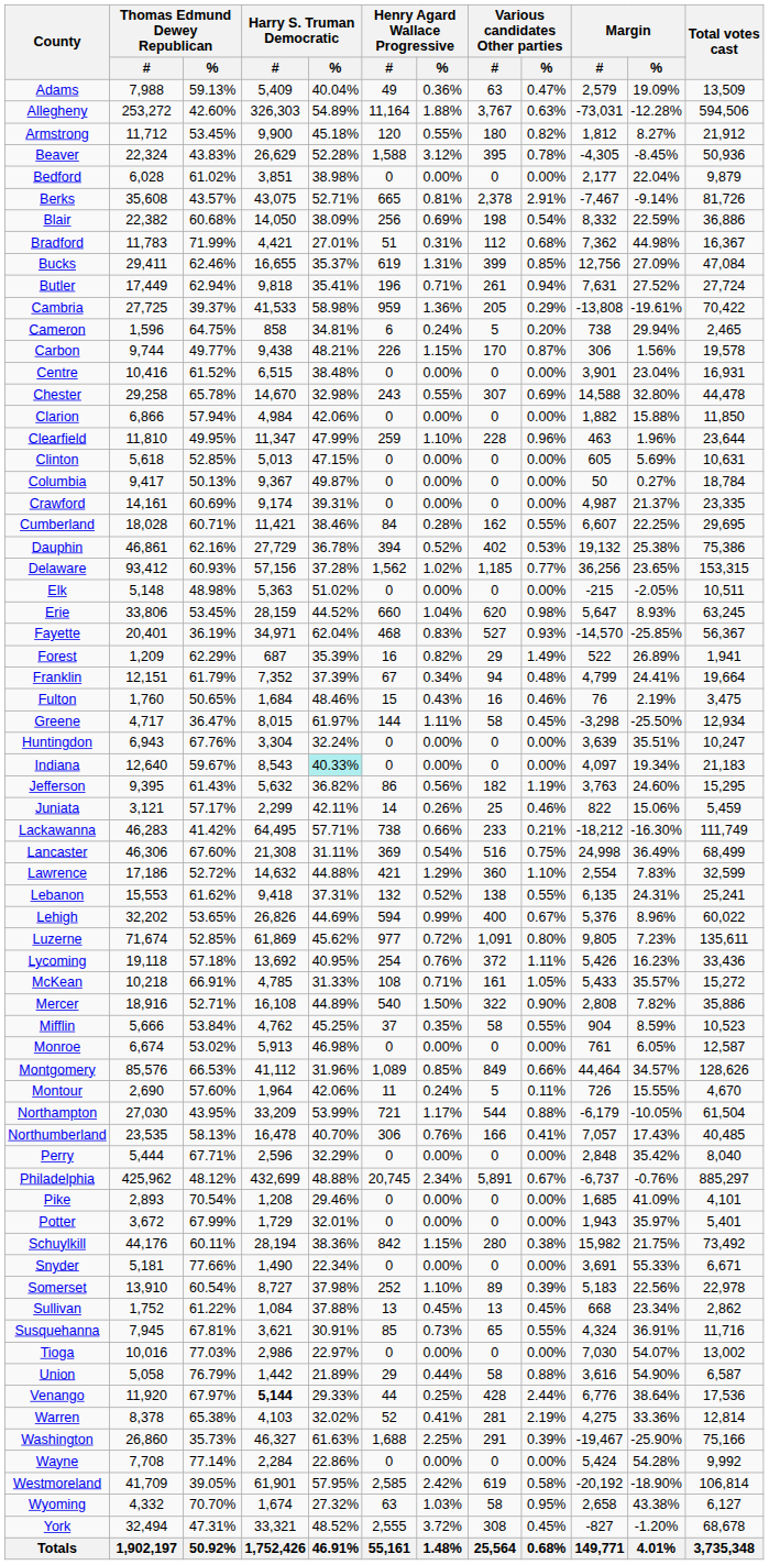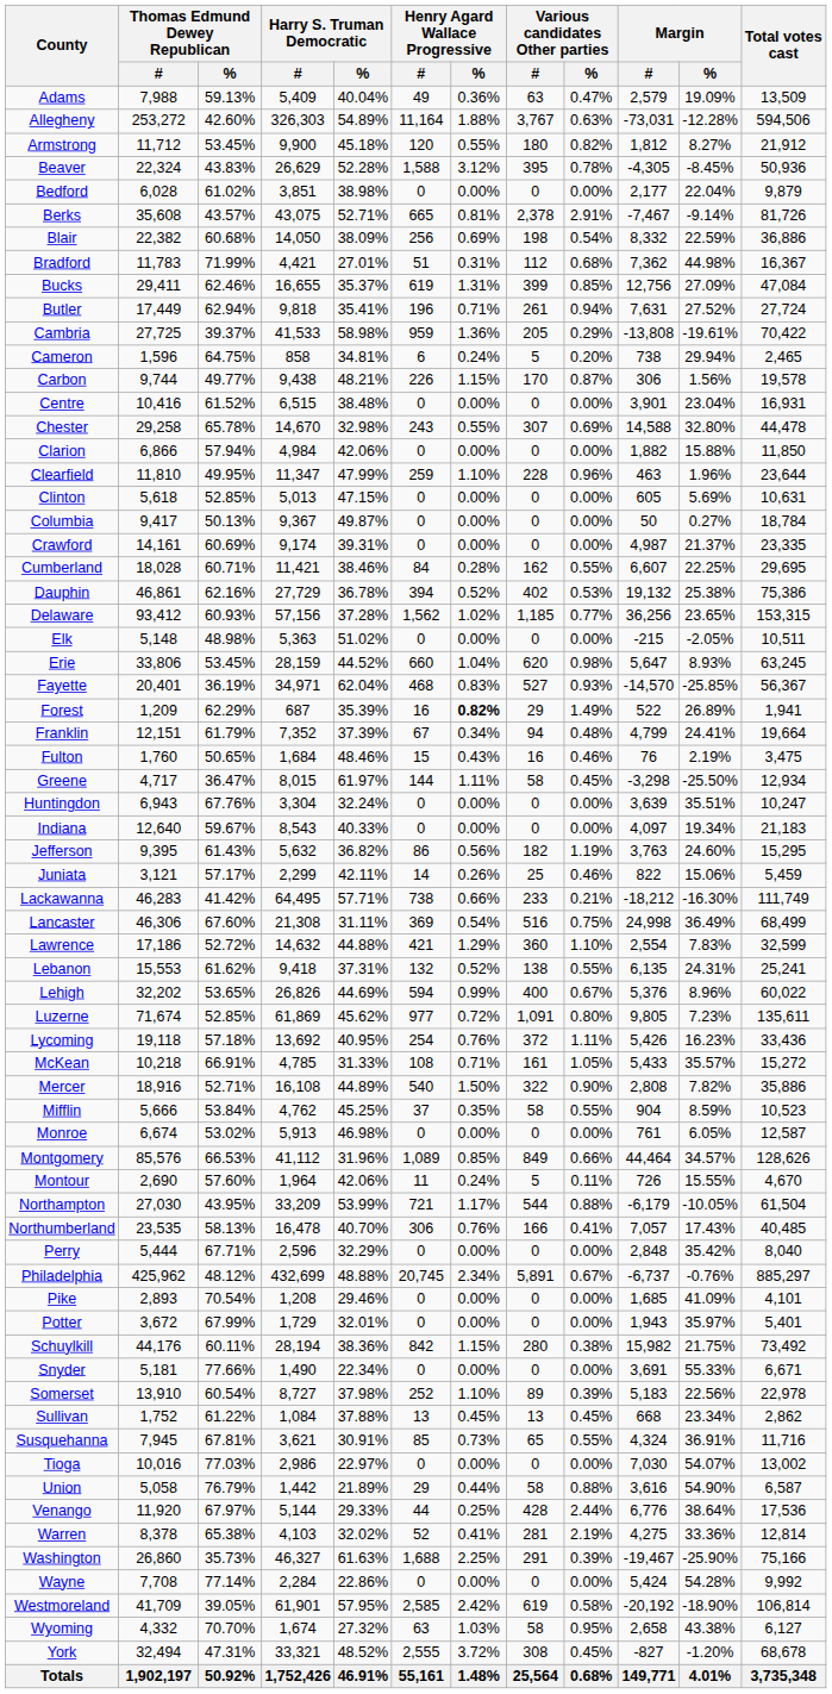 <table width="70%"  class="wikitable sortable" style="text-align:center">
 <tr>
 <th colspan="1" rowspan="2">County</th>
 <th style="text-align:center;" colspan="2">Thomas Edmund Dewey<br>Republican</th>
 <th style="text-align:center;" colspan="2">Harry S. Truman<br>Democratic</th>
 <th style="text-align:center;" colspan="2">Henry Agard Wallace<br>Progressive</th>
 <th style="text-align:center;" colspan="2">Various candidates<br>Other parties</th>
 <th style="text-align:center;" colspan="2">Margin</th>
 <th colspan="1" rowspan="2" style="text-align:center;">Total votes cast</th>
 </tr>
 <tr>
 <th style="text-align:center;" data-sort-type="number">#</th>
 <th style="text-align:center;" data-sort-type="number">%</th>
 <th style="text-align:center;" data-sort-type="number">#</th>
 <th style="text-align:center;" data-sort-type="number">%</th>
 <th style="text-align:center;" data-sort-type="number">#</th>
 <th style="text-align:center;" data-sort-type="number">%</th>
 <th style="text-align:center;" data-sort-type="number">#</th>
 <th style="text-align:center;" data-sort-type="number">%</th>
 <th style="text-align:center;" data-sort-type="number">#</th>
 <th style="text-align:center;" data-sort-type="number">%</th>
 </tr>
 <tr style="text-align:center;">
 <td><a href='#'>Adams</a></td>
 <td>7,988</td>
 <td>59.13%</td>
 <td>5,409</td>
 <td>40.04%</td>
 <td>49</td>
 <td>0.36%</td>
 <td>63</td>
 <td>0.47%</td>
 <td>2,579</td>
 <td>19.09%</td>
 <td>13,509</td>
 </tr>
 <tr style="text-align:center;">
 <td><a href='#'>Allegheny</a></td>
 <td>253,272</td>
 <td>42.60%</td>
 <td>326,303</td>
 <td>54.89%</td>
 <td>11,164</td>
 <td>1.88%</td>
 <td>3,767</td>
 <td>0.63%</td>
 <td>-73,031</td>
 <td>-12.28%</td>
 <td>594,506</td>
 </tr>
 <tr style="text-align:center;">
 <td><a href='#'>Armstrong</a></td>
 <td>11,712</td>
 <td>53.45%</td>
 <td>9,900</td>
 <td>45.18%</td>
 <td>120</td>
 <td>0.55%</td>
 <td>180</td>
 <td>0.82%</td>
 <td>1,812</td>
 <td>8.27%</td>
 <td>21,912</td>
 </tr>
 <tr style="text-align:center;">
 <td><a href='#'>Beaver</a></td>
 <td>22,324</td>
 <td>43.83%</td>
 <td>26,629</td>
 <td>52.28%</td>
 <td>1,588</td>
 <td>3.12%</td>
 <td>395</td>
 <td>0.78%</td>
 <td>-4,305</td>
 <td>-8.45%</td>
 <td>50,936</td>
 </tr>
 <tr style="text-align:center;">
 <td><a href='#'>Bedford</a></td>
 <td>6,028</td>
 <td>61.02%</td>
 <td>3,851</td>
 <td>38.98%</td>
 <td>0</td>
 <td>0.00%</td>
 <td>0</td>
 <td>0.00%</td>
 <td>2,177</td>
 <td>22.04%</td>
 <td>9,879</td>
 </tr>
 <tr style="text-align:center;">
 <td><a href='#'>Berks</a></td>
 <td>35,608</td>
 <td>43.57%</td>
 <td>43,075</td>
 <td>52.71%</td>
 <td>665</td>
 <td>0.81%</td>
 <td>2,378</td>
 <td>2.91%</td>
 <td>-7,467</td>
 <td>-9.14%</td>
 <td>81,726</td>
 </tr>
 <tr style="text-align:center;">
 <td><a href='#'>Blair</a></td>
 <td>22,382</td>
 <td>60.68%</td>
 <td>14,050</td>
 <td>38.09%</td>
 <td>256</td>
 <td>0.69%</td>
 <td>198</td>
 <td>0.54%</td>
 <td>8,332</td>
 <td>22.59%</td>
 <td>36,886</td>
 </tr>
 <tr style="text-align:center;">
 <td><a href='#'>Bradford</a></td>
 <td>11,783</td>
 <td>71.99%</td>
 <td>4,421</td>
 <td>27.01%</td>
 <td>51</td>
 <td>0.31%</td>
 <td>112</td>
 <td>0.68%</td>
 <td>7,362</td>
 <td>44.98%</td>
 <td>16,367</td>
 </tr>
 <tr style="text-align:center;">
 <td><a href='#'>Bucks</a></td>
 <td>29,411</td>
 <td>62.46%</td>
 <td>16,655</td>
 <td>35.37%</td>
 <td>619</td>
 <td>1.31%</td>
 <td>399</td>
 <td>0.85%</td>
 <td>12,756</td>
 <td>27.09%</td>
 <td>47,084</td>
 </tr>
 <tr style="text-align:center;">
 <td><a href='#'>Butler</a></td>
 <td>17,449</td>
 <td>62.94%</td>
 <td>9,818</td>
 <td>35.41%</td>
 <td>196</td>
 <td>0.71%</td>
 <td>261</td>
 <td>0.94%</td>
 <td>7,631</td>
 <td>27.52%</td>
 <td>27,724</td>
 </tr>
 <tr style="text-align:center;">
 <td><a href='#'>Cambria</a></td>
 <td>27,725</td>
 <td>39.37%</td>
 <td>41,533</td>
 <td>58.98%</td>
 <td>959</td>
 <td>1.36%</td>
 <td>205</td>
 <td>0.29%</td>
 <td>-13,808</td>
 <td>-19.61%</td>
 <td>70,422</td>
 </tr>
 <tr style="text-align:center;">
 <td><a href='#'>Cameron</a></td>
 <td>1,596</td>
 <td>64.75%</td>
 <td>858</td>
 <td>34.81%</td>
 <td>6</td>
 <td>0.24%</td>
 <td>5</td>
 <td>0.20%</td>
 <td>738</td>
 <td>29.94%</td>
 <td>2,465</td>
 </tr>
 <tr style="text-align:center;">
 <td><a href='#'>Carbon</a></td>
 <td>9,744</td>
 <td>49.77%</td>
 <td>9,438</td>
 <td>48.21%</td>
 <td>226</td>
 <td>1.15%</td>
 <td>170</td>
 <td>0.87%</td>
 <td>306</td>
 <td>1.56%</td>
 <td>19,578</td>
 </tr>
 <tr style="text-align:center;">
 <td><a href='#'>Centre</a></td>
 <td>10,416</td>
 <td>61.52%</td>
 <td>6,515</td>
 <td>38.48%</td>
 <td>0</td>
 <td>0.00%</td>
 <td>0</td>
 <td>0.00%</td>
 <td>3,901</td>
 <td>23.04%</td>
 <td>16,931</td>
 </tr>
 <tr style="text-align:center;">
 <td><a href='#'>Chester</a></td>
 <td>29,258</td>
 <td>65.78%</td>
 <td>14,670</td>
 <td>32.98%</td>
 <td>243</td>
 <td>0.55%</td>
 <td>307</td>
 <td>0.69%</td>
 <td>14,588</td>
 <td>32.80%</td>
 <td>44,478</td>
 </tr>
 <tr style="text-align:center;">
 <td><a href='#'>Clarion</a></td>
 <td>6,866</td>
 <td>57.94%</td>
 <td>4,984</td>
 <td>42.06%</td>
 <td>0</td>
 <td>0.00%</td>
 <td>0</td>
 <td>0.00%</td>
 <td>1,882</td>
 <td>15.88%</td>
 <td>11,850</td>
 </tr>
 <tr style="text-align:center;">
 <td><a href='#'>Clearfield</a></td>
 <td>11,810</td>
 <td>49.95%</td>
 <td>11,347</td>
 <td>47.99%</td>
 <td>259</td>
 <td>1.10%</td>
 <td>228</td>
 <td>0.96%</td>
 <td>463</td>
 <td>1.96%</td>
 <td>23,644</td>
 </tr>
 <tr style="text-align:center;">
 <td><a href='#'>Clinton</a></td>
 <td>5,618</td>
 <td>52.85%</td>
 <td>5,013</td>
 <td>47.15%</td>
 <td>0</td>
 <td>0.00%</td>
 <td>0</td>
 <td>0.00%</td>
 <td>605</td>
 <td>5.69%</td>
 <td>10,631</td>
 </tr>
 <tr style="text-align:center;">
 <td><a href='#'>Columbia</a></td>
 <td>9,417</td>
 <td>50.13%</td>
 <td>9,367</td>
 <td>49.87%</td>
 <td>0</td>
 <td>0.00%</td>
 <td>0</td>
 <td>0.00%</td>
 <td>50</td>
 <td>0.27%</td>
 <td>18,784</td>
 </tr>
 <tr style="text-align:center;">
 <td><a href='#'>Crawford</a></td>
 <td>14,161</td>
 <td>60.69%</td>
 <td>9,174</td>
 <td>39.31%</td>
 <td>0</td>
 <td>0.00%</td>
 <td>0</td>
 <td>0.00%</td>
 <td>4,987</td>
 <td>21.37%</td>
 <td>23,335</td>
 </tr>
 <tr style="text-align:center;">
 <td><a href='#'>Cumberland</a></td>
 <td>18,028</td>
 <td>60.71%</td>
 <td>11,421</td>
 <td>38.46%</td>
 <td>84</td>
 <td>0.28%</td>
 <td>162</td>
 <td>0.55%</td>
 <td>6,607</td>
 <td>22.25%</td>
 <td>29,695</td>
 </tr>
 <tr style="text-align:center;">
 <td><a href='#'>Dauphin</a></td>
 <td>46,861</td>
 <td>62.16%</td>
 <td>27,729</td>
 <td>36.78%</td>
 <td>394</td>
 <td>0.52%</td>
 <td>402</td>
 <td>0.53%</td>
 <td>19,132</td>
 <td>25.38%</td>
 <td>75,386</td>
 </tr>
 <tr style="text-align:center;">
 <td><a href='#'>Delaware</a></td>
 <td>93,412</td>
 <td>60.93%</td>
 <td>57,156</td>
 <td>37.28%</td>
 <td>1,562</td>
 <td>1.02%</td>
 <td>1,185</td>
 <td>0.77%</td>
 <td>36,256</td>
 <td>23.65%</td>
 <td>153,315</td>
 </tr>
 <tr style="text-align:center;">
 <td><a href='#'>Elk</a></td>
 <td>5,148</td>
 <td>48.98%</td>
 <td>5,363</td>
 <td>51.02%</td>
 <td>0</td>
 <td>0.00%</td>
 <td>0</td>
 <td>0.00%</td>
 <td>-215</td>
 <td>-2.05%</td>
 <td>10,511</td>
 </tr>
 <tr style="text-align:center;">
 <td><a href='#'>Erie</a></td>
 <td>33,806</td>
 <td>53.45%</td>
 <td>28,159</td>
 <td>44.52%</td>
 <td>660</td>
 <td>1.04%</td>
 <td>620</td>
 <td>0.98%</td>
 <td>5,647</td>
 <td>8.93%</td>
 <td>63,245</td>
 </tr>
 <tr style="text-align:center;">
 <td><a href='#'>Fayette</a></td>
 <td>20,401</td>
 <td>36.19%</td>
 <td>34,971</td>
 <td>62.04%</td>
 <td>468</td>
 <td>0.83%</td>
 <td>527</td>
 <td>0.93%</td>
 <td>-14,570</td>
 <td>-25.85%</td>
 <td>56,367</td>
 </tr>
 <tr style="text-align:center;">
 <td><a href='#'>Forest</a></td>
 <td>1,209</td>
 <td>62.29%</td>
 <td>687</td>
 <td>35.39%</td>
 <td>16</td>
-<td>0.82%</td>
+<td><strong>0.82%</strong></td>
 <td>29</td>
 <td>1.49%</td>
 <td>522</td>
 <td>26.89%</td>
 <td>1,941</td>
 </tr>
 <tr style="text-align:center;">
 <td><a href='#'>Franklin</a></td>
 <td>12,151</td>
 <td>61.79%</td>
 <td>7,352</td>
 <td>37.39%</td>
 <td>67</td>
 <td>0.34%</td>
 <td>94</td>
 <td>0.48%</td>
 <td>4,799</td>
 <td>24.41%</td>
 <td>19,664</td>
 </tr>
 <tr style="text-align:center;">
 <td><a href='#'>Fulton</a></td>
 <td>1,760</td>
 <td>50.65%</td>
 <td>1,684</td>
 <td>48.46%</td>
 <td>15</td>
 <td>0.43%</td>
 <td>16</td>
 <td>0.46%</td>
 <td>76</td>
 <td>2.19%</td>
 <td>3,475</td>
 </tr>
 <tr style="text-align:center;">
 <td><a href='#'>Greene</a></td>
 <td>4,717</td>
 <td>36.47%</td>
 <td>8,015</td>
 <td>61.97%</td>
 <td>144</td>
 <td>1.11%</td>
 <td>58</td>
 <td>0.45%</td>
 <td>-3,298</td>
 <td>-25.50%</td>
 <td>12,934</td>
 </tr>
 <tr style="text-align:center;">
 <td><a href='#'>Huntingdon</a></td>
 <td>6,943</td>
 <td>67.76%</td>
 <td>3,304</td>
 <td>32.24%</td>
 <td>0</td>
 <td>0.00%</td>
 <td>0</td>
 <td>0.00%</td>
 <td>3,639</td>
 <td>35.51%</td>
 <td>10,247</td>
 </tr>
 <tr style="text-align:center;">
 <td><a href='#'>Indiana</a></td>
 <td>12,640</td>
 <td>59.67%</td>
 <td>8,543</td>
-<td style="background: paleturquoise;">40.33%</td>
+<td>40.33%</td>
 <td>0</td>
 <td>0.00%</td>
 <td>0</td>
 <td>0.00%</td>
 <td>4,097</td>
 <td>19.34%</td>
 <td>21,183</td>
 </tr>
 <tr style="text-align:center;">
 <td><a href='#'>Jefferson</a></td>
 <td>9,395</td>
 <td>61.43%</td>
 <td>5,632</td>
 <td>36.82%</td>
 <td>86</td>
 <td>0.56%</td>
 <td>182</td>
 <td>1.19%</td>
 <td>3,763</td>
 <td>24.60%</td>
 <td>15,295</td>
 </tr>
 <tr style="text-align:center;">
 <td><a href='#'>Juniata</a></td>
 <td>3,121</td>
 <td>57.17%</td>
 <td>2,299</td>
 <td>42.11%</td>
 <td>14</td>
 <td>0.26%</td>
 <td>25</td>
 <td>0.46%</td>
 <td>822</td>
 <td>15.06%</td>
 <td>5,459</td>
 </tr>
 <tr style="text-align:center;">
 <td><a href='#'>Lackawanna</a></td>
 <td>46,283</td>
 <td>41.42%</td>
 <td>64,495</td>
 <td>57.71%</td>
 <td>738</td>
 <td>0.66%</td>
 <td>233</td>
 <td>0.21%</td>
 <td>-18,212</td>
 <td>-16.30%</td>
 <td>111,749</td>
 </tr>
 <tr style="text-align:center;">
 <td><a href='#'>Lancaster</a></td>
 <td>46,306</td>
 <td>67.60%</td>
 <td>21,308</td>
 <td>31.11%</td>
 <td>369</td>
 <td>0.54%</td>
 <td>516</td>
 <td>0.75%</td>
 <td>24,998</td>
 <td>36.49%</td>
 <td>68,499</td>
 </tr>
 <tr style="text-align:center;">
 <td><a href='#'>Lawrence</a></td>
 <td>17,186</td>
 <td>52.72%</td>
 <td>14,632</td>
 <td>44.88%</td>
 <td>421</td>
 <td>1.29%</td>
 <td>360</td>
 <td>1.10%</td>
 <td>2,554</td>
 <td>7.83%</td>
 <td>32,599</td>
 </tr>
 <tr style="text-align:center;">
 <td><a href='#'>Lebanon</a></td>
 <td>15,553</td>
 <td>61.62%</td>
 <td>9,418</td>
 <td>37.31%</td>
 <td>132</td>
 <td>0.52%</td>
 <td>138</td>
 <td>0.55%</td>
 <td>6,135</td>
 <td>24.31%</td>
 <td>25,241</td>
 </tr>
 <tr style="text-align:center;">
 <td><a href='#'>Lehigh</a></td>
 <td>32,202</td>
 <td>53.65%</td>
 <td>26,826</td>
 <td>44.69%</td>
 <td>594</td>
 <td>0.99%</td>
 <td>400</td>
 <td>0.67%</td>
 <td>5,376</td>
 <td>8.96%</td>
 <td>60,022</td>
 </tr>
 <tr style="text-align:center;">
 <td><a href='#'>Luzerne</a></td>
 <td>71,674</td>
 <td>52.85%</td>
 <td>61,869</td>
 <td>45.62%</td>
 <td>977</td>
 <td>0.72%</td>
 <td>1,091</td>
 <td>0.80%</td>
 <td>9,805</td>
 <td>7.23%</td>
 <td>135,611</td>
 </tr>
 <tr style="text-align:center;">
 <td><a href='#'>Lycoming</a></td>
 <td>19,118</td>
 <td>57.18%</td>
 <td>13,692</td>
 <td>40.95%</td>
 <td>254</td>
 <td>0.76%</td>
 <td>372</td>
 <td>1.11%</td>
 <td>5,426</td>
 <td>16.23%</td>
 <td>33,436</td>
 </tr>
 <tr style="text-align:center;">
 <td><a href='#'>McKean</a></td>
 <td>10,218</td>
 <td>66.91%</td>
 <td>4,785</td>
 <td>31.33%</td>
 <td>108</td>
 <td>0.71%</td>
 <td>161</td>
 <td>1.05%</td>
 <td>5,433</td>
 <td>35.57%</td>
 <td>15,272</td>
 </tr>
 <tr style="text-align:center;">
 <td><a href='#'>Mercer</a></td>
 <td>18,916</td>
 <td>52.71%</td>
 <td>16,108</td>
 <td>44.89%</td>
 <td>540</td>
 <td>1.50%</td>
 <td>322</td>
 <td>0.90%</td>
 <td>2,808</td>
 <td>7.82%</td>
 <td>35,886</td>
 </tr>
 <tr style="text-align:center;">
 <td><a href='#'>Mifflin</a></td>
 <td>5,666</td>
 <td>53.84%</td>
 <td>4,762</td>
 <td>45.25%</td>
 <td>37</td>
 <td>0.35%</td>
 <td>58</td>
 <td>0.55%</td>
 <td>904</td>
 <td>8.59%</td>
 <td>10,523</td>
 </tr>
 <tr style="text-align:center;">
 <td><a href='#'>Monroe</a></td>
 <td>6,674</td>
 <td>53.02%</td>
 <td>5,913</td>
 <td>46.98%</td>
 <td>0</td>
 <td>0.00%</td>
 <td>0</td>
 <td>0.00%</td>
 <td>761</td>
 <td>6.05%</td>
 <td>12,587</td>
 </tr>
 <tr style="text-align:center;">
 <td><a href='#'>Montgomery</a></td>
 <td>85,576</td>
 <td>66.53%</td>
 <td>41,112</td>
 <td>31.96%</td>
 <td>1,089</td>
 <td>0.85%</td>
 <td>849</td>
 <td>0.66%</td>
 <td>44,464</td>
 <td>34.57%</td>
 <td>128,626</td>
 </tr>
 <tr style="text-align:center;">
 <td><a href='#'>Montour</a></td>
 <td>2,690</td>
 <td>57.60%</td>
 <td>1,964</td>
 <td>42.06%</td>
 <td>11</td>
 <td>0.24%</td>
 <td>5</td>
 <td>0.11%</td>
 <td>726</td>
 <td>15.55%</td>
 <td>4,670</td>
 </tr>
 <tr style="text-align:center;">
 <td><a href='#'>Northampton</a></td>
 <td>27,030</td>
 <td>43.95%</td>
 <td>33,209</td>
 <td>53.99%</td>
 <td>721</td>
 <td>1.17%</td>
 <td>544</td>
 <td>0.88%</td>
 <td>-6,179</td>
 <td>-10.05%</td>
 <td>61,504</td>
 </tr>
 <tr style="text-align:center;">
 <td><a href='#'>Northumberland</a></td>
 <td>23,535</td>
 <td>58.13%</td>
 <td>16,478</td>
 <td>40.70%</td>
 <td>306</td>
 <td>0.76%</td>
 <td>166</td>
 <td>0.41%</td>
 <td>7,057</td>
 <td>17.43%</td>
 <td>40,485</td>
 </tr>
 <tr style="text-align:center;">
 <td><a href='#'>Perry</a></td>
 <td>5,444</td>
 <td>67.71%</td>
 <td>2,596</td>
 <td>32.29%</td>
 <td>0</td>
 <td>0.00%</td>
 <td>0</td>
 <td>0.00%</td>
 <td>2,848</td>
 <td>35.42%</td>
 <td>8,040</td>
 </tr>
 <tr style="text-align:center;">
 <td><a href='#'>Philadelphia</a></td>
 <td>425,962</td>
 <td>48.12%</td>
 <td>432,699</td>
 <td>48.88%</td>
 <td>20,745</td>
 <td>2.34%</td>
 <td>5,891</td>
 <td>0.67%</td>
 <td>-6,737</td>
 <td>-0.76%</td>
 <td>885,297</td>
 </tr>
 <tr style="text-align:center;">
 <td><a href='#'>Pike</a></td>
 <td>2,893</td>
 <td>70.54%</td>
 <td>1,208</td>
 <td>29.46%</td>
 <td>0</td>
 <td>0.00%</td>
 <td>0</td>
 <td>0.00%</td>
 <td>1,685</td>
 <td>41.09%</td>
 <td>4,101</td>
 </tr>
 <tr style="text-align:center;">
 <td><a href='#'>Potter</a></td>
 <td>3,672</td>
 <td>67.99%</td>
 <td>1,729</td>
 <td>32.01%</td>
 <td>0</td>
 <td>0.00%</td>
 <td>0</td>
 <td>0.00%</td>
 <td>1,943</td>
 <td>35.97%</td>
 <td>5,401</td>
 </tr>
 <tr style="text-align:center;">
 <td><a href='#'>Schuylkill</a></td>
 <td>44,176</td>
 <td>60.11%</td>
 <td>28,194</td>
 <td>38.36%</td>
 <td>842</td>
 <td>1.15%</td>
 <td>280</td>
 <td>0.38%</td>
 <td>15,982</td>
 <td>21.75%</td>
 <td>73,492</td>
 </tr>
 <tr style="text-align:center;">
 <td><a href='#'>Snyder</a></td>
 <td>5,181</td>
 <td>77.66%</td>
 <td>1,490</td>
 <td>22.34%</td>
 <td>0</td>
 <td>0.00%</td>
 <td>0</td>
 <td>0.00%</td>
 <td>3,691</td>
 <td>55.33%</td>
 <td>6,671</td>
 </tr>
 <tr style="text-align:center;">
 <td><a href='#'>Somerset</a></td>
 <td>13,910</td>
 <td>60.54%</td>
 <td>8,727</td>
 <td>37.98%</td>
 <td>252</td>
 <td>1.10%</td>
 <td>89</td>
 <td>0.39%</td>
 <td>5,183</td>
 <td>22.56%</td>
 <td>22,978</td>
 </tr>
 <tr style="text-align:center;">
 <td><a href='#'>Sullivan</a></td>
 <td>1,752</td>
 <td>61.22%</td>
 <td>1,084</td>
 <td>37.88%</td>
 <td>13</td>
 <td>0.45%</td>
 <td>13</td>
 <td>0.45%</td>
 <td>668</td>
 <td>23.34%</td>
 <td>2,862</td>
 </tr>
 <tr style="text-align:center;">
 <td><a href='#'>Susquehanna</a></td>
 <td>7,945</td>
 <td>67.81%</td>
 <td>3,621</td>
 <td>30.91%</td>
 <td>85</td>
 <td>0.73%</td>
 <td>65</td>
 <td>0.55%</td>
 <td>4,324</td>
 <td>36.91%</td>
 <td>11,716</td>
 </tr>
 <tr style="text-align:center;">
 <td><a href='#'>Tioga</a></td>
 <td>10,016</td>
 <td>77.03%</td>
 <td>2,986</td>
 <td>22.97%</td>
 <td>0</td>
 <td>0.00%</td>
 <td>0</td>
 <td>0.00%</td>
 <td>7,030</td>
 <td>54.07%</td>
 <td>13,002</td>
 </tr>
 <tr style="text-align:center;">
 <td><a href='#'>Union</a></td>
 <td>5,058</td>
 <td>76.79%</td>
 <td>1,442</td>
 <td>21.89%</td>
 <td>29</td>
 <td>0.44%</td>
 <td>58</td>
 <td>0.88%</td>
 <td>3,616</td>
 <td>54.90%</td>
 <td>6,587</td>
 </tr>
 <tr style="text-align:center;">
 <td><a href='#'>Venango</a></td>
 <td>11,920</td>
 <td>67.97%</td>
-<td><strong>5,144</strong></td>
+<td>5,144</td>
 <td>29.33%</td>
 <td>44</td>
 <td>0.25%</td>
 <td>428</td>
 <td>2.44%</td>
 <td>6,776</td>
 <td>38.64%</td>
 <td>17,536</td>
 </tr>
 <tr style="text-align:center;">
 <td><a href='#'>Warren</a></td>
 <td>8,378</td>
 <td>65.38%</td>
 <td>4,103</td>
 <td>32.02%</td>
 <td>52</td>
 <td>0.41%</td>
 <td>281</td>
 <td>2.19%</td>
 <td>4,275</td>
 <td>33.36%</td>
 <td>12,814</td>
 </tr>
 <tr style="text-align:center;">
 <td><a href='#'>Washington</a></td>
 <td>26,860</td>
 <td>35.73%</td>
 <td>46,327</td>
 <td>61.63%</td>
 <td>1,688</td>
 <td>2.25%</td>
 <td>291</td>
 <td>0.39%</td>
 <td>-19,467</td>
 <td>-25.90%</td>
 <td>75,166</td>
 </tr>
 <tr style="text-align:center;">
 <td><a href='#'>Wayne</a></td>
 <td>7,708</td>
 <td>77.14%</td>
 <td>2,284</td>
 <td>22.86%</td>
 <td>0</td>
 <td>0.00%</td>
 <td>0</td>
 <td>0.00%</td>
 <td>5,424</td>
 <td>54.28%</td>
 <td>9,992</td>
 </tr>
 <tr style="text-align:center;">
 <td><a href='#'>Westmoreland</a></td>
 <td>41,709</td>
 <td>39.05%</td>
 <td>61,901</td>
 <td>57.95%</td>
 <td>2,585</td>
 <td>2.42%</td>
 <td>619</td>
 <td>0.58%</td>
 <td>-20,192</td>
 <td>-18.90%</td>
 <td>106,814</td>
 </tr>
 <tr style="text-align:center;">
 <td><a href='#'>Wyoming</a></td>
 <td>4,332</td>
 <td>70.70%</td>
 <td>1,674</td>
 <td>27.32%</td>
 <td>63</td>
 <td>1.03%</td>
 <td>58</td>
 <td>0.95%</td>
 <td>2,658</td>
 <td>43.38%</td>
 <td>6,127</td>
 </tr>
 <tr style="text-align:center;">
 <td><a href='#'>York</a></td>
 <td>32,494</td>
 <td>47.31%</td>
 <td>33,321</td>
 <td>48.52%</td>
 <td>2,555</td>
 <td>3.72%</td>
 <td>308</td>
 <td>0.45%</td>
 <td>-827</td>
 <td>-1.20%</td>
 <td>68,678</td>
 </tr>
 <tr style="text-align:center;">
 <th>Totals</th>
 <th>1,902,197</th>
 <th>50.92%</th>
 <th>1,752,426</th>
 <th>46.91%</th>
 <th>55,161</th>
 <th>1.48%</th>
 <th>25,564</th>
 <th>0.68%</th>
 <th>149,771</th>
 <th>4.01%</th>
 <th>3,735,348</th>
 </tr>
 </table>
